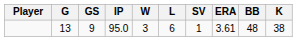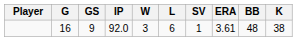 <table class="wikitable">
 <tr>
 <th bgcolor="#DDDDFF" width="16%">Player</th>
 <th bgcolor="#DDDDFF" width="9%">G</th>
 <th bgcolor="#DDDDFF" width="9%">GS</th>
 <th bgcolor="#DDDDFF" width="9%">IP</th>
 <th bgcolor="#DDDDFF" width="9%">W</th>
 <th bgcolor="#DDDDFF" width="9%">L</th>
 <th bgcolor="#DDDDFF" width="9%">SV</th>
 <th bgcolor="#DDDDFF" width="9%">ERA</th>
 <th bgcolor="#DDDDFF" width="9%">BB</th>
 <th bgcolor="#DDDDFF" width="9%">K</th>
 </tr>
 <tr align="center">
 <td></td>
-<td>13</td>
+<td>16</td>
 <td>9</td>
-<td>95.0</td>
+<td>92.0</td>
 <td>3</td>
 <td>6</td>
 <td>1</td>
 <td>3.61</td>
 <td>48</td>
 <td>38</td>
 </tr>
 </table>
